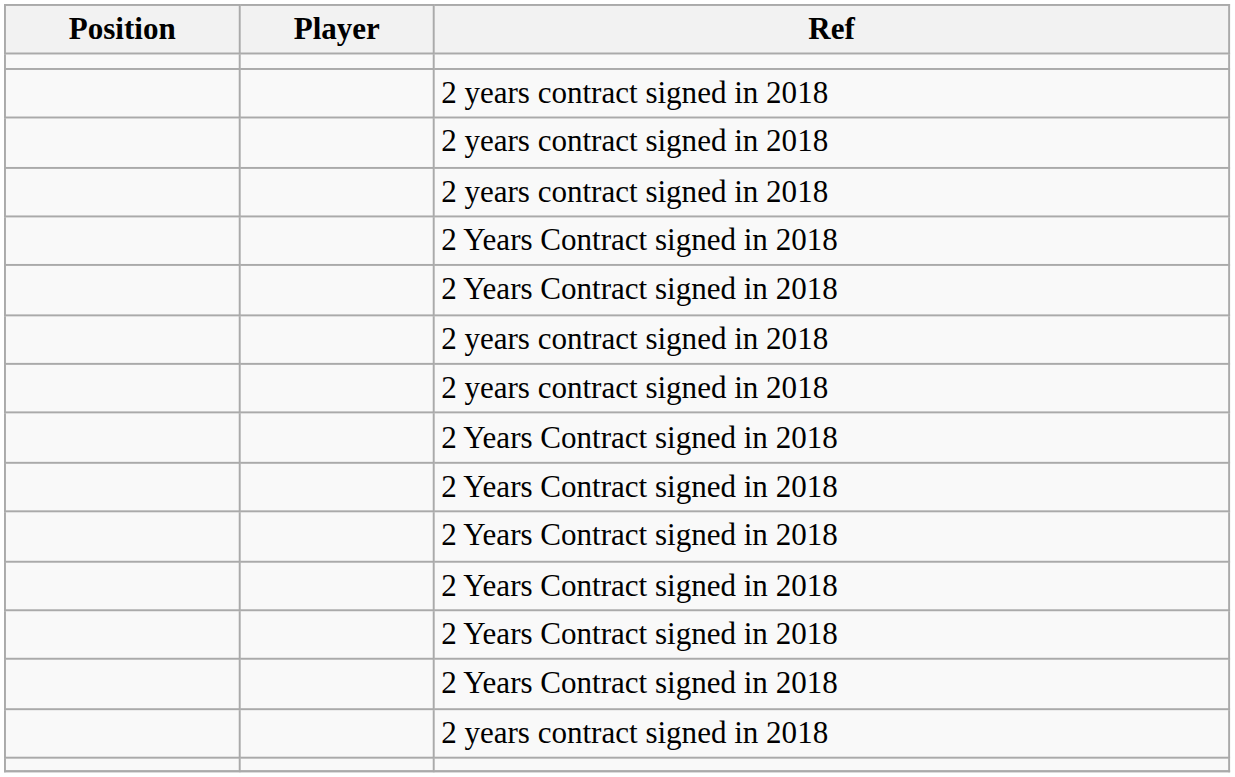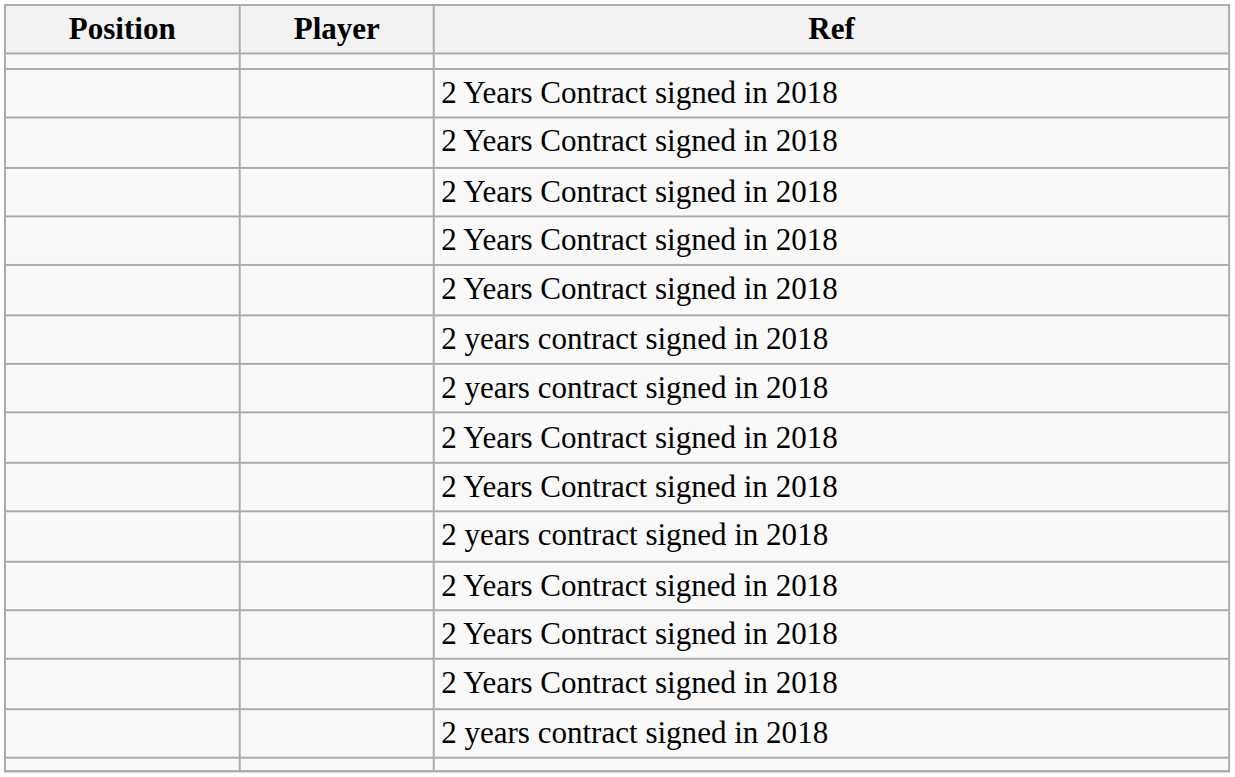 <table class="wikitable sortable" style="width:50%; text-align:center; font-size:100%; text-align:left;">
 <tr>
 <th><strong>Position</strong></th>
 <th><strong>Player</strong></th>
 <th><strong>Ref</strong></th>
 </tr>
 <tr>
 <td></td>
 <td></td>
 <td></td>
 </tr>
 <tr>
 <td></td>
 <td></td>
-<td>2 years contract signed in 2018</td>
+<td>2 Years Contract signed in 2018</td>
 </tr>
 <tr>
 <td></td>
 <td></td>
-<td>2 years contract signed in 2018</td>
+<td>2 Years Contract signed in 2018</td>
 </tr>
 <tr>
 <td></td>
 <td></td>
-<td>2 years contract signed in 2018</td>
+<td>2 Years Contract signed in 2018</td>
 </tr>
 <tr>
 <td></td>
 <td></td>
 <td>2 Years Contract signed in 2018</td>
 </tr>
 <tr>
 <td></td>
 <td></td>
 <td>2 Years Contract signed in 2018</td>
 </tr>
 <tr>
 <td></td>
 <td></td>
 <td>2 years contract signed in 2018 </td>
 </tr>
 <tr>
 <td></td>
 <td></td>
 <td>2 years contract signed in 2018</td>
 </tr>
 <tr>
 <td></td>
 <td></td>
 <td>2 Years Contract signed in 2018</td>
 </tr>
 <tr>
 <td></td>
 <td></td>
 <td>2 Years Contract signed in 2018</td>
 </tr>
 <tr>
 <td></td>
 <td></td>
-<td>2 Years Contract signed in 2018</td>
+<td>2 years contract signed in 2018 </td>
 </tr>
 <tr>
 <td></td>
 <td></td>
 <td>2 Years Contract signed in 2018</td>
 </tr>
 <tr>
 <td></td>
 <td></td>
 <td>2 Years Contract signed in 2018</td>
 </tr>
 <tr>
 <td></td>
 <td></td>
 <td>2 Years Contract signed in 2018</td>
 </tr>
 <tr>
 <td></td>
 <td></td>
 <td>2 years contract signed in 2018</td>
 </tr>
 <tr>
 <td></td>
 <td></td>
 <td></td>
 </tr>
 <tr>
 </tr>
 </table>
